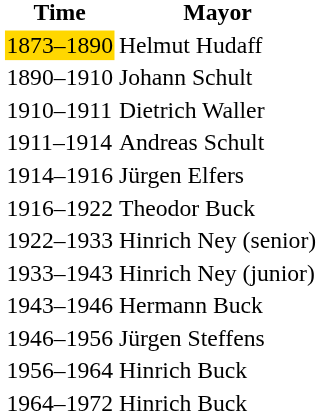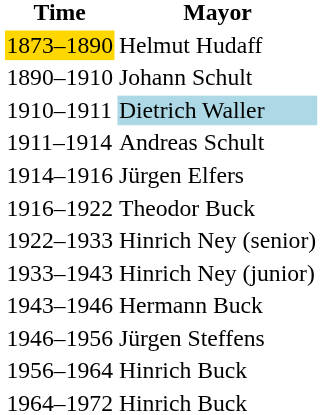 <table class="table">
 <tr>
 <th>Time</th>
 <th>Mayor</th>
 </tr>
 <tr>
 <td style="background: gold;">1873–1890</td>
 <td>Helmut Hudaff</td>
 </tr>
 <tr>
 <td>1890–1910</td>
 <td>Johann Schult</td>
 </tr>
 <tr>
 <td>1910–1911</td>
-<td>Dietrich Waller</td>
+<td style="background: lightblue;">Dietrich Waller</td>
 </tr>
 <tr>
 <td>1911–1914</td>
 <td>Andreas Schult</td>
 </tr>
 <tr>
 <td>1914–1916</td>
 <td>Jürgen Elfers</td>
 </tr>
 <tr>
 <td>1916–1922</td>
 <td>Theodor Buck</td>
 </tr>
 <tr>
 <td>1922–1933</td>
 <td>Hinrich Ney (senior)</td>
 </tr>
 <tr>
 <td>1933–1943</td>
 <td>Hinrich Ney (junior)</td>
 </tr>
 <tr>
 <td>1943–1946</td>
 <td>Hermann Buck</td>
 </tr>
 <tr>
 <td>1946–1956</td>
 <td>Jürgen Steffens</td>
 </tr>
 <tr>
 <td>1956–1964</td>
 <td>Hinrich Buck</td>
 </tr>
 <tr>
 <td>1964–1972</td>
 <td>Hinrich Buck</td>
 </tr>
 </table>
